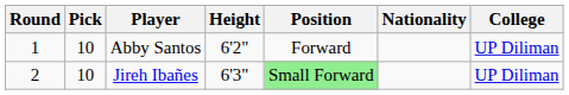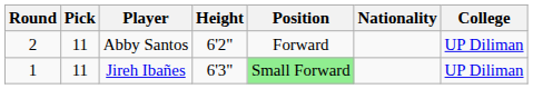 <table class="wikitable sortable sortable">
 <tr>
 <th>Round</th>
 <th>Pick</th>
 <th>Player</th>
 <th>Height</th>
 <th>Position</th>
 <th>Nationality</th>
 <th>College</th>
 </tr>
 <tr style="text-align: center">
-<td>1</td>
-<td>10</td>
+<td>2</td>
+<td>11</td>
 <td>Abby Santos</td>
 <td>6'2"</td>
 <td>Forward</td>
 <td></td>
 <td><a href='#'>UP Diliman</a></td>
 </tr>
 <tr style="text-align: center">
-<td>2</td>
-<td>10</td>
+<td>1</td>
+<td>11</td>
 <td><a href='#'>Jireh Ibañes</a></td>
 <td>6'3"</td>
 <td style="background: lightgreen;">Small Forward</td>
 <td></td>
 <td><a href='#'>UP Diliman</a></td>
 </tr>
 </table>
